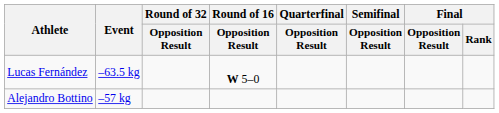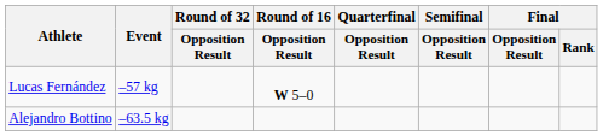 <table class=wikitable style=font-size:90%;text-align:center>
 <tr>
 <th rowspan=2>Athlete</th>
 <th rowspan=2>Event</th>
 <th>Round of 32</th>
 <th>Round of 16</th>
 <th>Quarterfinal</th>
 <th>Semifinal</th>
 <th colspan=2>Final</th>
 </tr>
 <tr style=font-size:95%>
 <th>Opposition<br>Result</th>
 <th>Opposition<br>Result</th>
 <th>Opposition<br>Result</th>
 <th>Opposition<br>Result</th>
 <th>Opposition<br>Result</th>
 <th>Rank</th>
 </tr>
 <tr>
 <td align=left><a href='#'>Lucas Fernández</a></td>
-<td align=left><a href='#'>–63.5 kg</a></td>
+<td align=left><a href='#'>–57 kg</a></td>
 <td></td>
 <td><br> <strong>W</strong> 5–0</td>
 <td></td>
 <td></td>
 <td></td>
 <td></td>
 </tr>
 <tr>
 <td align=left><a href='#'>Alejandro Bottino</a></td>
-<td align=left><a href='#'>–57 kg</a></td>
+<td align=left><a href='#'>–63.5 kg</a></td>
 <td></td>
 <td></td>
 <td></td>
 <td></td>
 <td></td>
 <td></td>
 </tr>
 </table>
